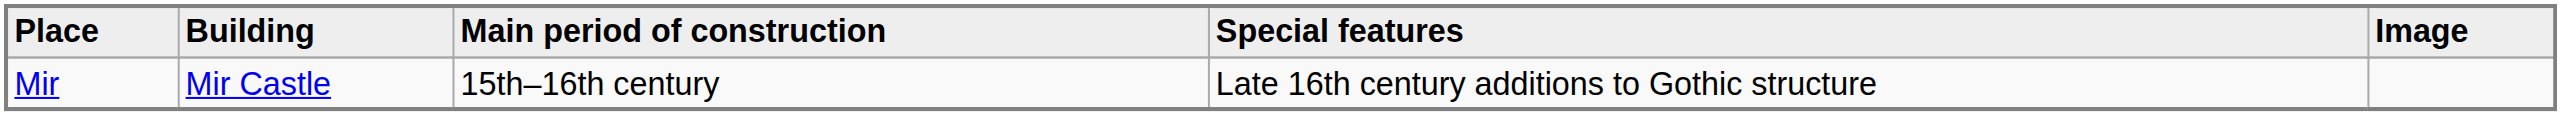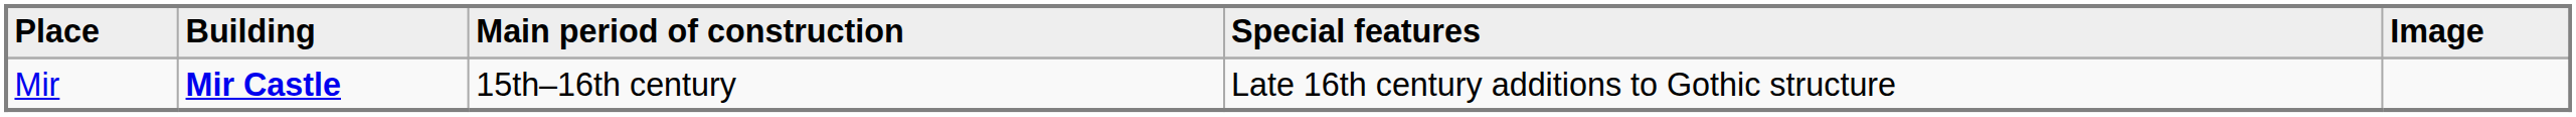 <table class="wikitable" style="border: 2px solid gray; border-collapse: collapse;" width="100%">
 <tr>
 <td bgcolor="#EEEEEE"><strong>Place</strong></td>
 <td bgcolor="#EEEEEE"><strong>Building</strong></td>
 <td bgcolor="#EEEEEE"><strong>Main period of construction</strong></td>
 <td bgcolor="#EEEEEE"><strong>Special features</strong></td>
 <td bgcolor="#EEEEEE"><strong>Image</strong></td>
 </tr>
 <tr>
 </tr>
 <tr bgpemis>
 <td><a href='#'>Mir</a></td>
-<td><a href='#'>Mir Castle</a></td>
+<td><strong><a href='#'>Mir Castle</a></strong></td>
 <td>15th–16th century</td>
 <td>Late 16th century additions to Gothic structure</td>
 <td></td>
 </tr>
 <tr>
 </tr>
 </table>
